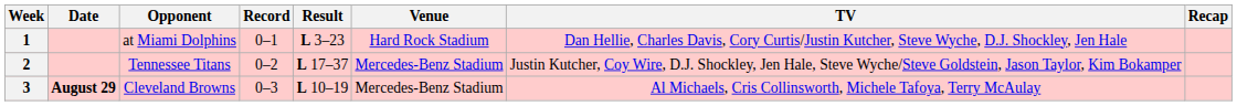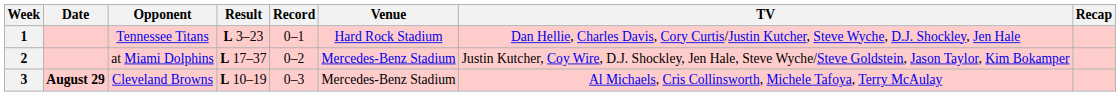 <table class="wikitable" style="text-align:center">
 <tr>
 <th>Week</th>
 <th>Date</th>
 <th>Opponent</th>
+<th>Result</th>
 <th>Record</th>
-<th>Result</th>
 <th>Venue</th>
 <th>TV</th>
 <th>Recap</th>
 </tr>
 <tr style="background:#fcc">
 <th>1</th>
 <td></td>
-<td>at <a href='#'>Miami Dolphins</a></td>
+<td><a href='#'>Tennessee Titans</a></td>
+<td><strong>L</strong> 3–23</td>
 <td>0–1</td>
-<td><strong>L</strong> 3–23</td>
 <td><a href='#'>Hard Rock Stadium</a></td>
 <td><a href='#'>Dan Hellie</a>, <a href='#'>Charles Davis</a>, <a href='#'>Cory Curtis</a>/<a href='#'>Justin Kutcher</a>, <a href='#'>Steve Wyche</a>, <a href='#'>D.J. Shockley</a>, <a href='#'>Jen Hale</a></td>
 <td></td>
 </tr>
 <tr style="background:#fcc">
 <th>2</th>
 <td></td>
-<td><a href='#'>Tennessee Titans</a></td>
+<td>at <a href='#'>Miami Dolphins</a></td>
+<td><strong>L</strong> 17–37</td>
 <td>0–2</td>
-<td><strong>L</strong> 17–37</td>
 <td><a href='#'>Mercedes-Benz Stadium</a></td>
 <td>Justin Kutcher, <a href='#'>Coy Wire</a>, D.J. Shockley, Jen Hale, Steve Wyche/<a href='#'>Steve Goldstein</a>, <a href='#'>Jason Taylor</a>, <a href='#'>Kim Bokamper</a></td>
 <td></td>
 </tr>
 <tr style="background:#fcc">
 <th>3</th>
 <td><strong>August 29</strong></td>
 <td><a href='#'>Cleveland Browns</a></td>
+<td><strong>L</strong> 10–19</td>
 <td>0–3</td>
-<td><strong>L</strong> 10–19</td>
 <td>Mercedes-Benz Stadium</td>
 <td><a href='#'>Al Michaels</a>, <a href='#'>Cris Collinsworth</a>, <a href='#'>Michele Tafoya</a>, <a href='#'>Terry McAulay</a></td>
 <td></td>
 </tr>
 </table>
